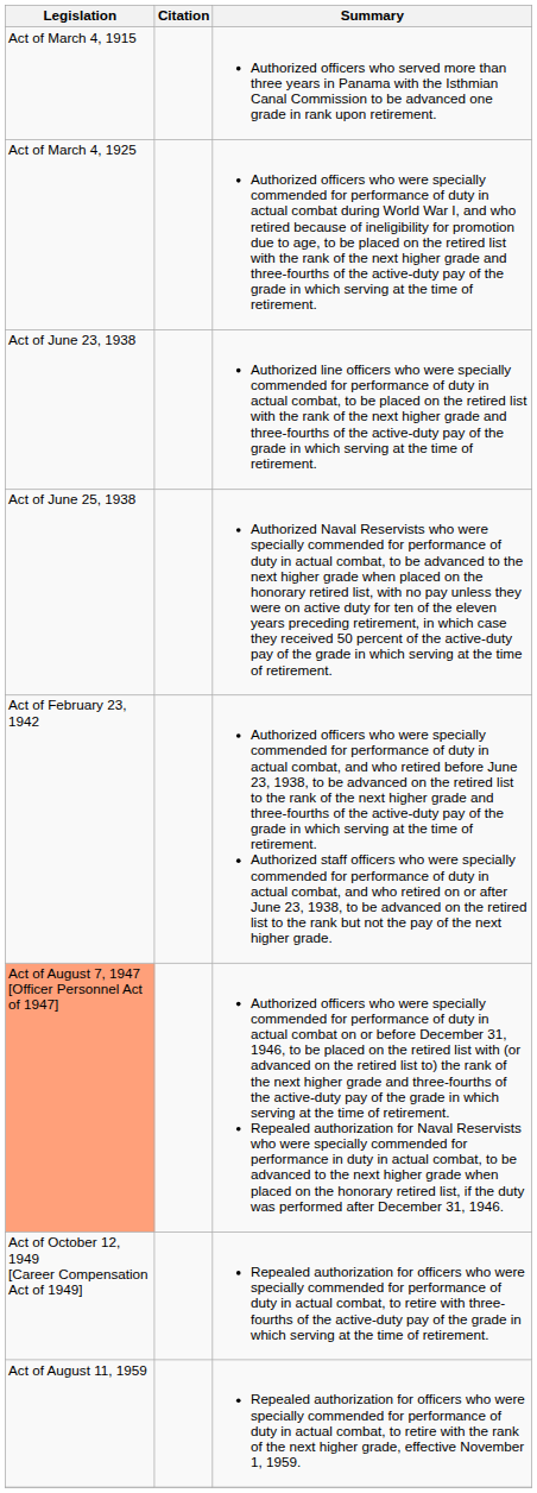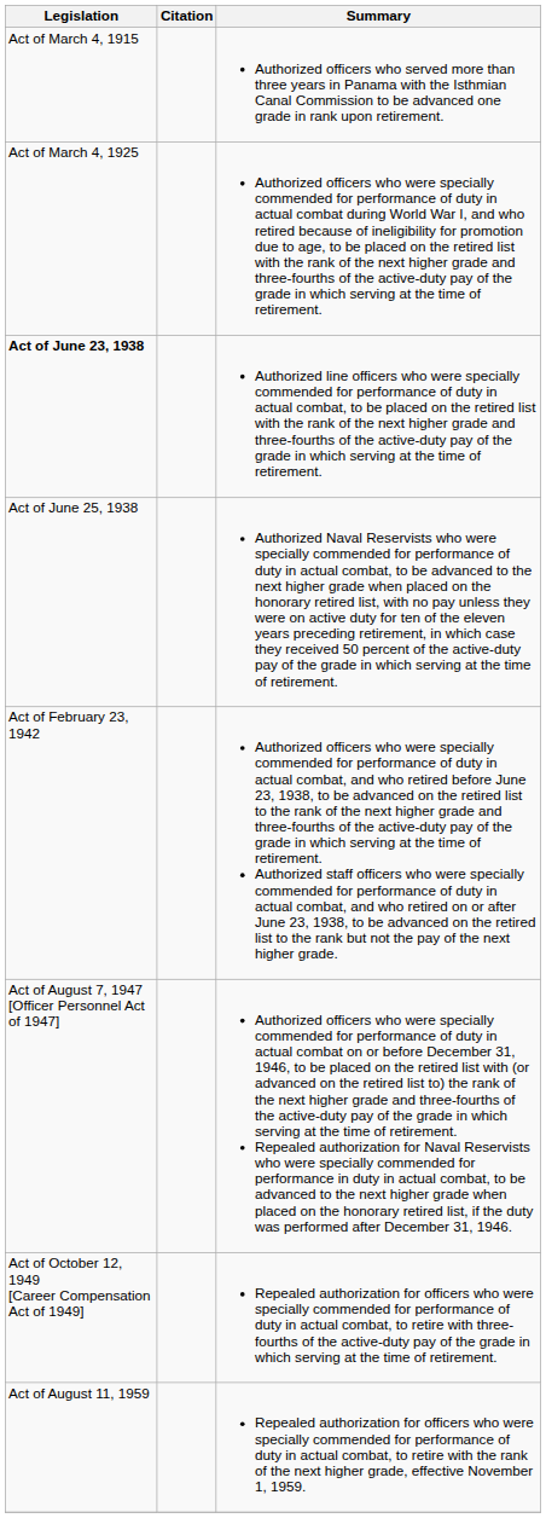 <table class="wikitable">
 <tr>
 <th width = 165>Legislation</th>
 <th>Citation</th>
 <th>Summary</th>
 </tr>
 <tr valign=top>
 <td>Act of March 4, 1915</td>
 <td> </td>
 <td><br><ul><li>Authorized officers who served more than three years in Panama with the Isthmian Canal Commission to be advanced one grade in rank upon retirement.</li></ul></td>
 </tr>
 <tr valign=top>
 <td>Act of March 4, 1925</td>
 <td> </td>
 <td><br><ul><li>Authorized officers who were specially commended for performance of duty in actual combat during World War I, and who retired because of ineligibility for promotion due to age, to be placed on the retired list with the rank of the next higher grade and three-fourths of the active-duty pay of the grade in which serving at the time of retirement.</li></ul></td>
 </tr>
 <tr valign=top>
-<td>Act of June 23, 1938</td>
+<td><strong>Act of June 23, 1938</strong></td>
 <td> </td>
 <td><br><ul><li>Authorized line officers who were specially commended for performance of duty in actual combat, to be placed on the retired list with the rank of the next higher grade and three-fourths of the active-duty pay of the grade in which serving at the time of retirement.</li></ul></td>
 </tr>
 <tr valign=top>
 <td>Act of June 25, 1938</td>
 <td> </td>
 <td><br><ul><li>Authorized Naval Reservists who were specially commended for performance of duty in actual combat, to be advanced to the next higher grade when placed on the honorary retired list, with no pay unless they were on active duty for ten of the eleven years preceding retirement, in which case they received 50 percent of the active-duty pay of the grade in which serving at the time of retirement.</li></ul></td>
 </tr>
 <tr valign=top>
 <td>Act of February 23, 1942</td>
 <td> </td>
 <td><br><ul><li>Authorized officers who were specially commended for performance of duty in actual combat, and who retired before June 23, 1938, to be advanced on the retired list to the rank of the next higher grade and three-fourths of the active-duty pay of the grade in which serving at the time of retirement.</li><li>Authorized staff officers who were specially commended for performance of duty in actual combat, and who retired on or after June 23, 1938, to be advanced on the retired list to the rank but not the pay of the next higher grade.</li></ul></td>
 </tr>
 <tr valign=top>
-<td style="background: lightsalmon;">Act of August 7, 1947<br>[Officer Personnel Act of 1947]</td>
+<td>Act of August 7, 1947<br>[Officer Personnel Act of 1947]</td>
 <td> <br> </td>
 <td><br><ul><li>Authorized officers who were specially commended for performance of duty in actual combat on or before December 31, 1946, to be placed on the retired list with (or advanced on the retired list to) the rank of the next higher grade and three-fourths of the active-duty pay of the grade in which serving at the time of retirement.</li><li>Repealed authorization for Naval Reservists who were specially commended for performance in duty in actual combat, to be advanced to the next higher grade when placed on the honorary retired list, if the duty was performed after December 31, 1946.</li></ul></td>
 </tr>
 <tr valign=top>
 <td>Act of October 12, 1949<br>[Career Compensation Act of 1949]</td>
 <td> <br> </td>
 <td><br><ul><li>Repealed authorization for officers who were specially commended for performance of duty in actual combat, to retire with three-fourths of the active-duty pay of the grade in which serving at the time of retirement.</li></ul></td>
 </tr>
 <tr valign=top>
 <td>Act of August 11, 1959</td>
 <td> </td>
 <td><br><ul><li>Repealed authorization for officers who were specially commended for performance of duty in actual combat, to retire with the rank of the next higher grade, effective November 1, 1959.</li></ul></td>
 </tr>
 <tr>
 </tr>
 </table>
